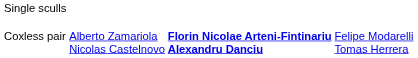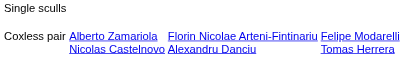 <table>
 <tr>
 <td>Single sculls<br></td>
 <td></td>
 <td></td>
 <td></td>
 </tr>
 <tr>
 <td>Coxless pair<br></td>
 <td> <br> <a href='#'>Alberto Zamariola</a><br><a href='#'>Nicolas Castelnovo</a></td>
-<td><strong> <br> <a href='#'>Florin Nicolae Arteni-Fintinariu</a><br><a href='#'>Alexandru Danciu</a></strong></td>
+<td> <br> <a href='#'>Florin Nicolae Arteni-Fintinariu</a><br><a href='#'>Alexandru Danciu</a></td>
 <td> <br> <a href='#'>Felipe Modarelli</a><br><a href='#'>Tomas Herrera</a></td>
 </tr>
 <tr>
 </tr>
 </table>
